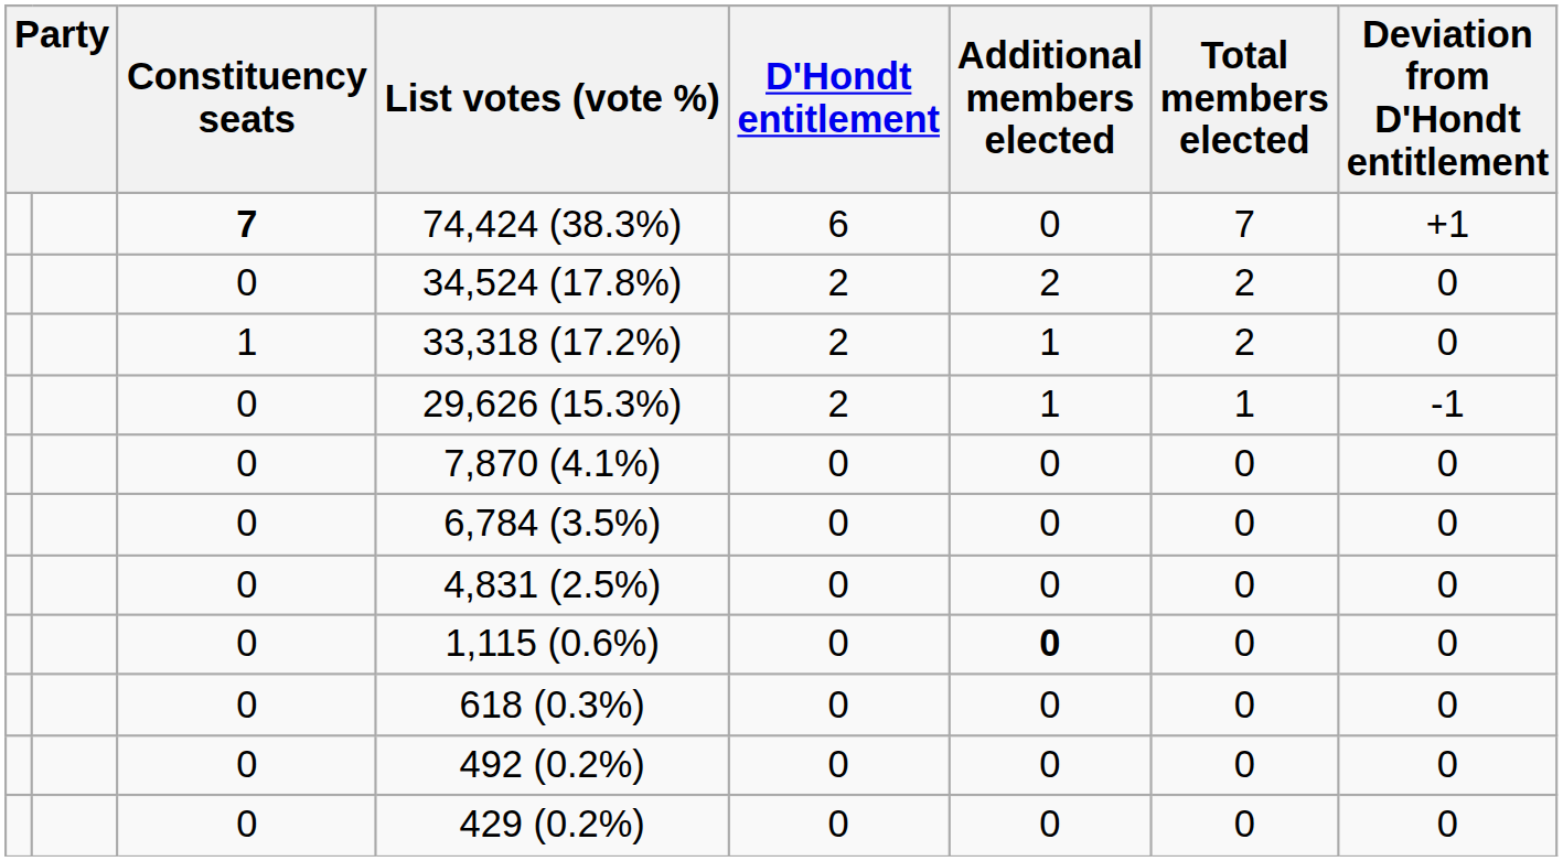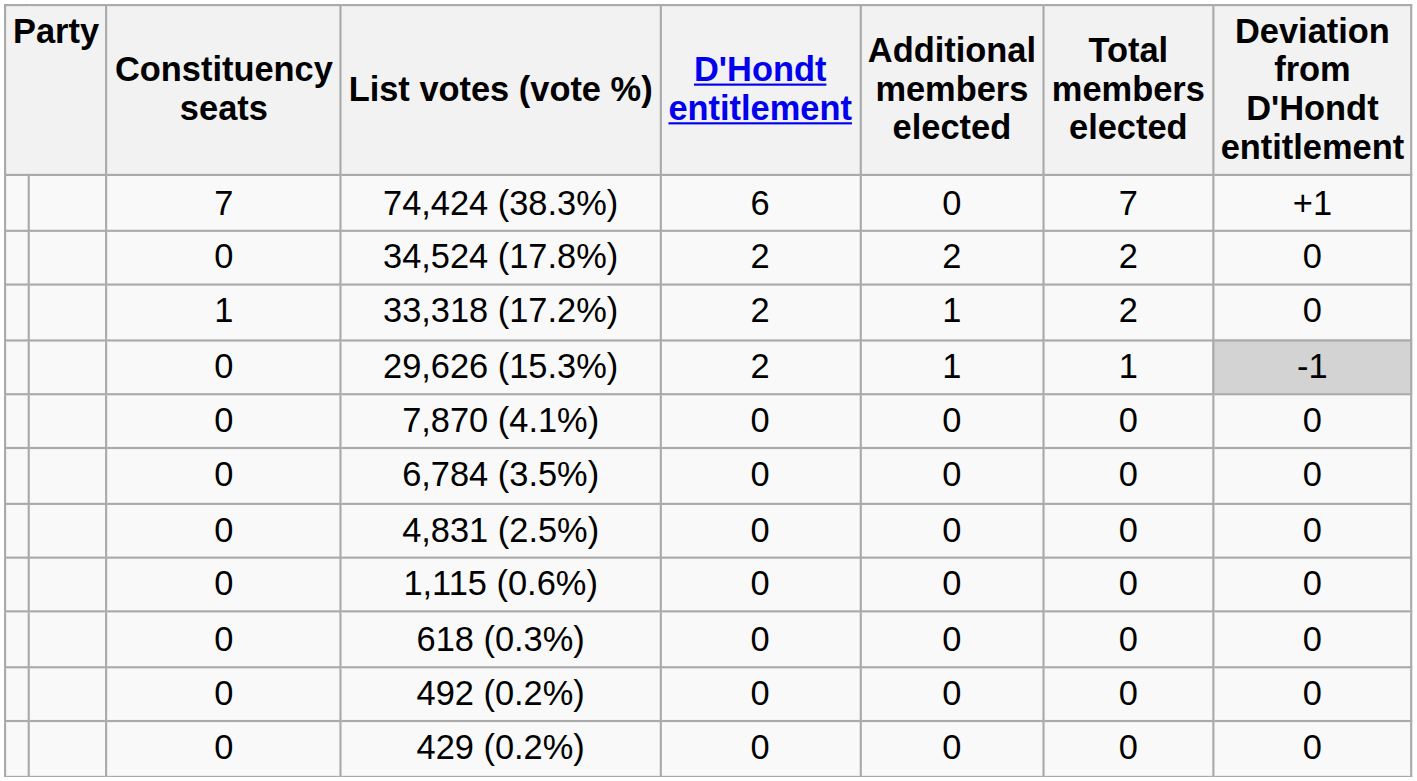 <table class="wikitable" style="text-align:center">
 <tr>
 <th colspan="2" rowspan="1" align="center" valign="top">Party</th>
 <th>Constituency<br>seats</th>
 <th>List votes  (vote %)</th>
 <th><a href='#'>D'Hondt<br>entitlement</a></th>
 <th>Additional<br>members<br>elected</th>
 <th>Total<br>members<br>elected</th>
 <th>Deviation<br>from<br>D'Hondt<br>entitlement</th>
 </tr>
 <tr>
 <td style="width: 4px"></td>
 <td style="text-align: left;" scope="row"><a href='#'></a></td>
-<td><strong>7</strong></td>
+<td>7</td>
 <td>74,424 (38.3%)</td>
 <td>6</td>
 <td>0</td>
 <td>7</td>
 <td>+1</td>
 </tr>
 <tr>
 <td style="width: 4px"></td>
 <td style="text-align: left;" scope="row"><a href='#'></a></td>
 <td>0</td>
 <td>34,524 (17.8%)</td>
 <td>2</td>
 <td>2</td>
 <td>2</td>
 <td>0</td>
 </tr>
 <tr>
 <td style="width: 4px"></td>
 <td style="text-align: left;" scope="row"><a href='#'></a></td>
 <td>1</td>
 <td>33,318 (17.2%)</td>
 <td>2</td>
 <td>1</td>
 <td>2</td>
 <td>0</td>
 </tr>
 <tr>
 <td style="width: 4px"></td>
 <td style="text-align: left;" scope="row"><a href='#'></a></td>
 <td>0</td>
 <td>29,626 (15.3%)</td>
 <td>2</td>
 <td>1</td>
 <td>1</td>
-<td>-1</td>
+<td style="background: lightgrey;">-1</td>
 </tr>
 <tr>
 <td style="width: 4px"></td>
 <td style="text-align: left;" scope="row"><a href='#'></a></td>
 <td>0</td>
 <td>7,870 (4.1%)</td>
 <td>0</td>
 <td>0</td>
 <td>0</td>
 <td>0</td>
 </tr>
 <tr>
 <td style="width: 4px"></td>
 <td style="text-align: left;" scope="row"><a href='#'></a></td>
 <td>0</td>
 <td>6,784 (3.5%)</td>
 <td>0</td>
 <td>0</td>
 <td>0</td>
 <td>0</td>
 </tr>
 <tr>
 <td style="width: 4px"></td>
 <td style="text-align: left;" scope="row"><a href='#'></a></td>
 <td>0</td>
 <td>4,831 (2.5%)</td>
 <td>0</td>
 <td>0</td>
 <td>0</td>
 <td>0</td>
 </tr>
 <tr>
 <td style="width: 4px"></td>
 <td style="text-align: left;" scope="row"><a href='#'></a></td>
 <td>0</td>
 <td>1,115 (0.6%)</td>
 <td>0</td>
-<td><strong>0</strong></td>
+<td>0</td>
 <td>0</td>
 <td>0</td>
 </tr>
 <tr>
 <td style="width: 4px"></td>
 <td style="text-align: left;" scope="row"><a href='#'></a></td>
 <td>0</td>
 <td>618 (0.3%)</td>
 <td>0</td>
 <td>0</td>
 <td>0</td>
 <td>0</td>
 </tr>
 <tr>
 <td style="width: 4px"></td>
 <td style="text-align: left;" scope="row"><a href='#'></a></td>
 <td>0</td>
 <td>492 (0.2%)</td>
 <td>0</td>
 <td>0</td>
 <td>0</td>
 <td>0</td>
 </tr>
 <tr>
 <td style="width: 4px"></td>
 <td style="text-align: left;" scope="row"><a href='#'></a></td>
 <td>0</td>
 <td>429 (0.2%)</td>
 <td>0</td>
 <td>0</td>
 <td>0</td>
 <td>0</td>
 </tr>
 </table>
